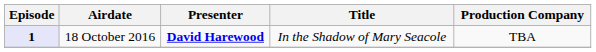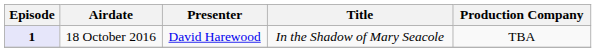 <table class="wikitable" width="699" style="text-align:center;">
 <tr>
 <th>Episode</th>
 <th>Airdate</th>
 <th>Presenter</th>
 <th>Title</th>
 <th>Production Company</th>
 </tr>
 <tr>
 <td style="background: lavender;"><strong>1</strong></td>
 <td>18 October 2016</td>
-<td><strong><a href='#'>David Harewood</a></strong></td>
+<td><a href='#'>David Harewood</a></td>
 <td><em>In the Shadow of Mary Seacole</em></td>
 <td>TBA</td>
 </tr>
 <tr>
 </tr>
 </table>
